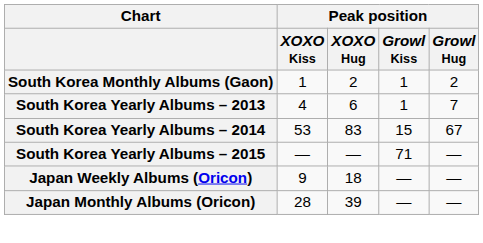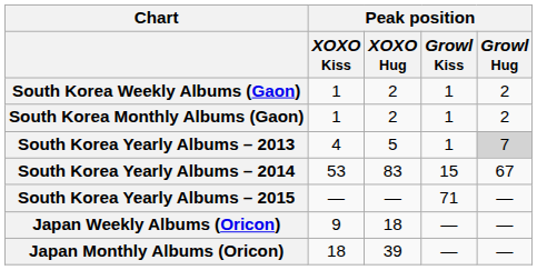 <table class="wikitable plainrowheaders" style="text-align:center">
 <tr>
 <th scope="col">Chart</th>
 <th colspan="4" scope="col">Peak position</th>
 </tr>
 <tr>
 <th></th>
 <th scope="col"><em>XOXO</em><br><small>Kiss</small></th>
 <th scope="col"><em>XOXO</em><br><small>Hug</small></th>
 <th scope="col"><em>Growl</em><br><small>Kiss</small></th>
 <th scope="col"><em>Growl</em><br><small>Hug</small></th>
 </tr>
 <tr>
+<th scope="row">South Korea Weekly Albums (<a href='#'>Gaon</a>)</th>
+<td style="text=align:center">1</td>
+<td style="text=align:center">2</td>
+<td style="text=align:center">1</td>
+<td style="text=align:center">2</td>
+</tr>
+<tr>
 <th scope="row">South Korea Monthly Albums (Gaon)</th>
 <td style="text=align:center">1</td>
 <td style="text=align:center">2</td>
 <td style="text=align:center">1</td>
 <td style="text=align:center">2</td>
 </tr>
 <tr>
 <th scope="row">South Korea Yearly Albums – 2013</th>
 <td style="text=align:center">4</td>
-<td style="text=align:center">6</td>
+<td style="text=align:center">5</td>
 <td style="text=align:center">1</td>
-<td style="text=align:center">7</td>
+<td style="background: lightgrey; text=align:center">7</td>
 </tr>
 <tr>
 <th scope="row">South Korea Yearly Albums – 2014</th>
 <td style="text=align:center">53</td>
 <td style="text=align:center">83</td>
 <td style="text=align:center">15</td>
 <td style="text=align:center">67</td>
 </tr>
 <tr>
 <th scope="row">South Korea Yearly Albums – 2015</th>
 <td style="text=align:center">—</td>
 <td style="text=align:center">—</td>
 <td style="text=align:center">71</td>
 <td style="text=align:center">—</td>
 </tr>
 <tr>
 <th scope="row">Japan Weekly Albums (<a href='#'>Oricon</a>)</th>
 <td style="text=align:center">9</td>
 <td style="text=align:center">18</td>
 <td style="text=align:center">—</td>
 <td style="text=align:center">—</td>
 </tr>
 <tr>
 <th scope="row">Japan Monthly Albums (Oricon)</th>
-<td style="text=align:center">28</td>
+<td style="text=align:center">18</td>
 <td style="text=align:center">39</td>
 <td style="text=align:center">—</td>
 <td style="text=align:center">—</td>
 </tr>
 </table>
